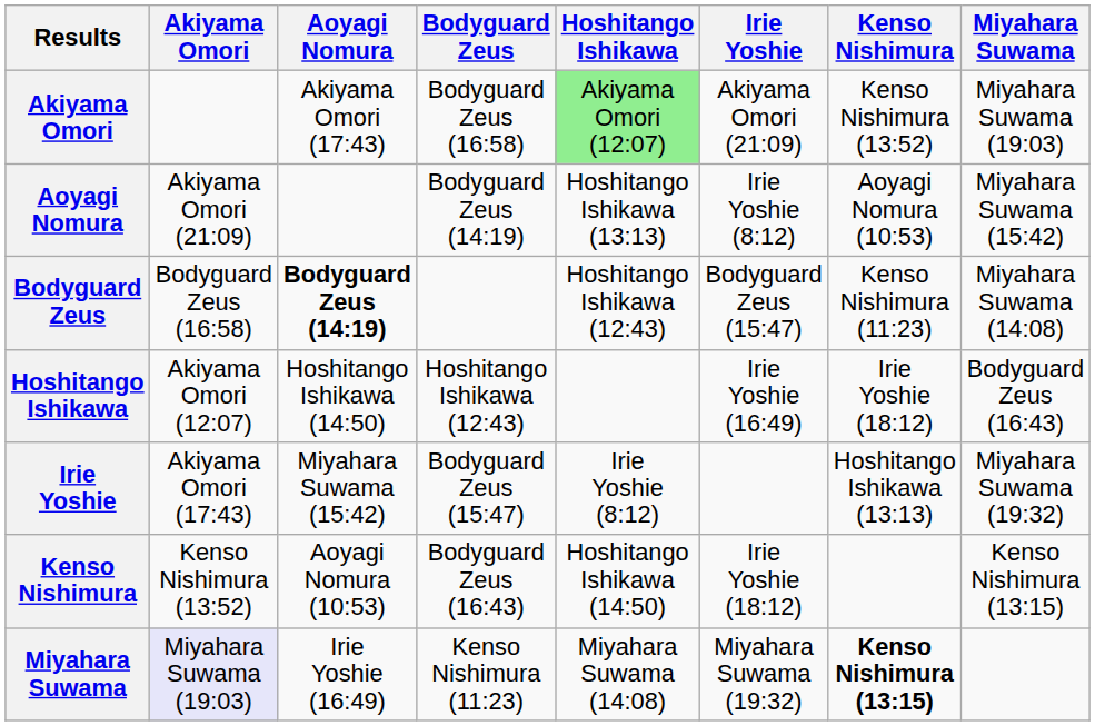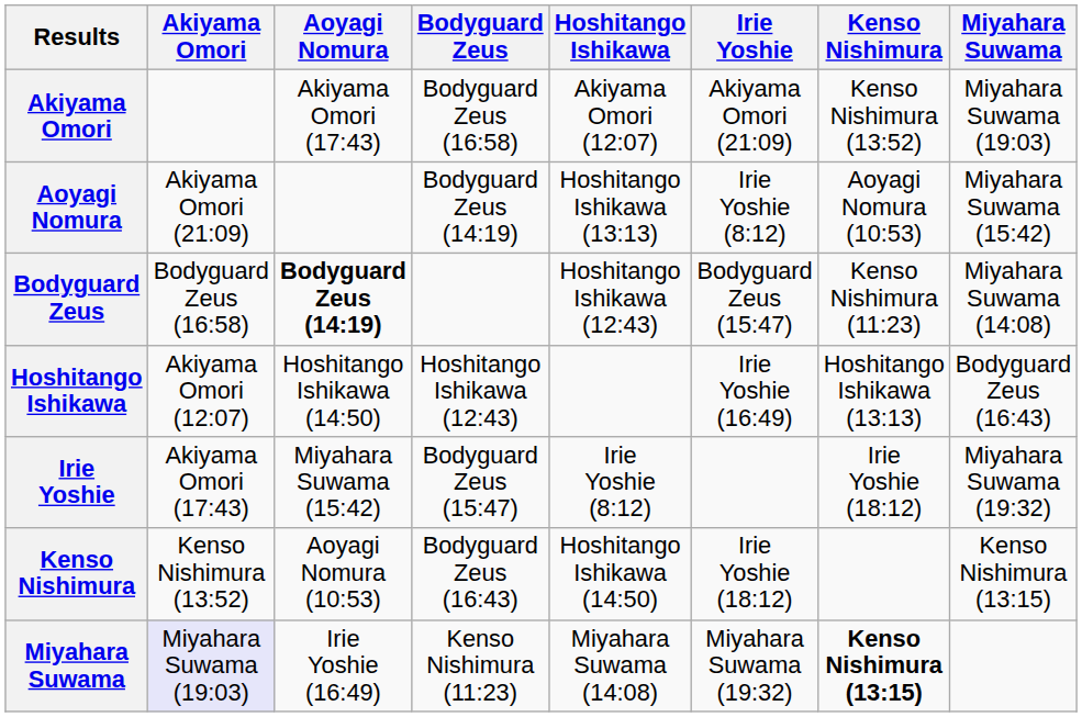 <table class="wikitable" style="text-align:center; margin: 1em auto 1em auto">
 <tr>
 <th>Results</th>
 <th><a href='#'>Akiyama</a><br><a href='#'>Omori</a></th>
 <th><a href='#'>Aoyagi</a><br><a href='#'>Nomura</a></th>
 <th><a href='#'>Bodyguard</a><br><a href='#'>Zeus</a></th>
 <th><a href='#'>Hoshitango</a><br><a href='#'>Ishikawa</a></th>
 <th><a href='#'>Irie</a><br><a href='#'>Yoshie</a></th>
 <th><a href='#'>Kenso</a><br><a href='#'>Nishimura</a></th>
 <th><a href='#'>Miyahara</a><br><a href='#'>Suwama</a></th>
 </tr>
 <tr>
 <th><a href='#'>Akiyama</a><br><a href='#'>Omori</a></th>
 <td></td>
 <td>Akiyama<br>Omori<br>(17:43)</td>
 <td>Bodyguard<br>Zeus<br>(16:58)</td>
-<td style="background: lightgreen;">Akiyama<br>Omori<br>(12:07)</td>
+<td>Akiyama<br>Omori<br>(12:07)</td>
 <td>Akiyama<br>Omori<br>(21:09)</td>
 <td>Kenso<br>Nishimura<br>(13:52)</td>
 <td>Miyahara<br>Suwama<br>(19:03)</td>
 </tr>
 <tr>
 <th><a href='#'>Aoyagi</a><br><a href='#'>Nomura</a></th>
 <td>Akiyama<br>Omori<br>(21:09)</td>
 <td></td>
 <td>Bodyguard<br>Zeus<br>(14:19)</td>
 <td>Hoshitango<br>Ishikawa<br>(13:13)</td>
 <td>Irie<br>Yoshie<br>(8:12)</td>
 <td>Aoyagi<br>Nomura<br>(10:53)</td>
 <td>Miyahara<br>Suwama<br>(15:42)</td>
 </tr>
 <tr>
 <th><a href='#'>Bodyguard</a><br><a href='#'>Zeus</a></th>
 <td>Bodyguard<br>Zeus<br>(16:58)</td>
 <td><strong>Bodyguard<br>Zeus<br>(14:19)</strong></td>
 <td></td>
 <td>Hoshitango<br>Ishikawa<br>(12:43)</td>
 <td>Bodyguard<br>Zeus<br>(15:47)</td>
 <td>Kenso<br>Nishimura<br>(11:23)</td>
 <td>Miyahara<br>Suwama<br>(14:08)</td>
 </tr>
 <tr>
 <th><a href='#'>Hoshitango</a><br><a href='#'>Ishikawa</a></th>
 <td>Akiyama<br>Omori<br>(12:07)</td>
 <td>Hoshitango<br>Ishikawa<br>(14:50)</td>
 <td>Hoshitango<br>Ishikawa<br>(12:43)</td>
 <td></td>
 <td>Irie<br>Yoshie<br>(16:49)</td>
-<td>Irie<br>Yoshie<br>(18:12)</td>
+<td>Hoshitango<br>Ishikawa<br>(13:13)</td>
 <td>Bodyguard<br>Zeus<br>(16:43)</td>
 </tr>
 <tr>
 <th><a href='#'>Irie</a><br><a href='#'>Yoshie</a></th>
 <td>Akiyama<br>Omori<br>(17:43)</td>
 <td>Miyahara<br>Suwama<br>(15:42)</td>
 <td>Bodyguard<br>Zeus<br>(15:47)</td>
 <td>Irie<br>Yoshie<br>(8:12)</td>
 <td></td>
-<td>Hoshitango<br>Ishikawa<br>(13:13)</td>
+<td>Irie<br>Yoshie<br>(18:12)</td>
 <td>Miyahara<br>Suwama<br>(19:32)</td>
 </tr>
 <tr>
 <th><a href='#'>Kenso</a><br><a href='#'>Nishimura</a></th>
 <td>Kenso<br>Nishimura<br>(13:52)</td>
 <td>Aoyagi<br>Nomura<br>(10:53)</td>
 <td>Bodyguard<br>Zeus<br>(16:43)</td>
 <td>Hoshitango<br>Ishikawa<br>(14:50)</td>
 <td>Irie<br>Yoshie<br>(18:12)</td>
 <td></td>
 <td>Kenso<br>Nishimura<br>(13:15)</td>
 </tr>
 <tr>
 <th><a href='#'>Miyahara</a><br><a href='#'>Suwama</a></th>
 <td style="background: lavender;">Miyahara<br>Suwama<br>(19:03)</td>
 <td>Irie<br>Yoshie<br>(16:49)</td>
 <td>Kenso<br>Nishimura<br>(11:23)</td>
 <td>Miyahara<br>Suwama<br>(14:08)</td>
 <td>Miyahara<br>Suwama<br>(19:32)</td>
 <td><strong>Kenso<br>Nishimura<br>(13:15)</strong></td>
 <td></td>
 </tr>
 </table>
